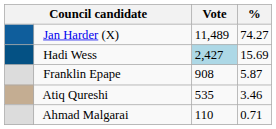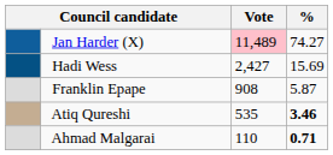 <table class="wikitable">
 <tr>
 <th bgcolor="#DDDDFF" width="230px" colspan="2">Council candidate</th>
 <th bgcolor="#DDDDFF" width="50px">Vote</th>
 <th bgcolor="#DDDDFF" width="30px">%</th>
 </tr>
 <tr>
 <td bgcolor=#0F5E9C width="30px"> </td>
 <td>  <a href='#'>Jan Harder</a> (X)</td>
-<td>11,489</td>
+<td style="background: pink;">11,489</td>
 <td>74.27</td>
 </tr>
 <tr>
 <td bgcolor=#045184 width="30px"> </td>
 <td>  Hadi Wess</td>
-<td style="background: lightblue;">2,427</td>
+<td>2,427</td>
 <td>15.69</td>
 </tr>
 <tr>
 <td bgcolor=#DCDCDC width="30px"> </td>
 <td>  Franklin Epape</td>
 <td>908</td>
 <td>5.87</td>
 </tr>
 <tr>
 <td bgcolor=#C4AD92 width="30px"> </td>
 <td>  Atiq Qureshi</td>
 <td>535</td>
-<td>3.46</td>
+<td><strong>3.46</strong></td>
 </tr>
 <tr>
 <td bgcolor=#DCDCDC width="30px"> </td>
 <td>  Ahmad Malgarai</td>
 <td>110</td>
-<td>0.71</td>
+<td><strong>0.71</strong></td>
 </tr>
 </table>
